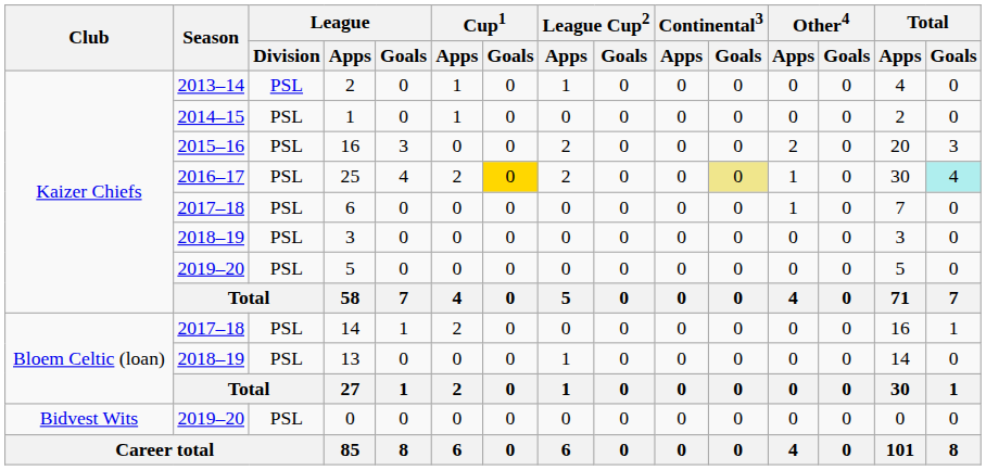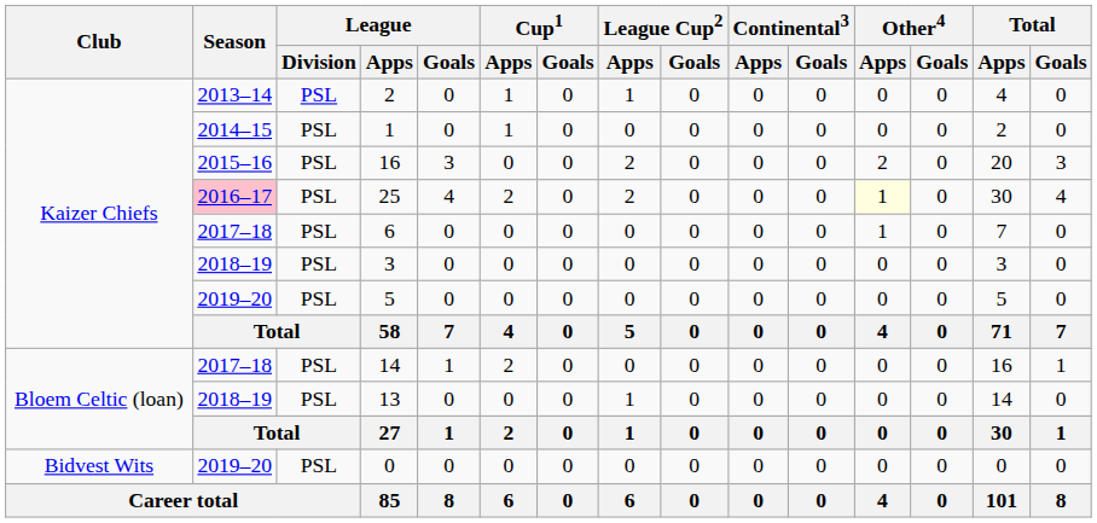 <table class="wikitable" style="text-align: center;">
 <tr>
 <th rowspan=2 style="width: 100pt;">Club</th>
 <th rowspan=2>Season</th>
 <th colspan=3>League</th>
 <th colspan="2">Cup<sup>1</sup></th>
 <th colspan="2">League Cup<sup>2</sup></th>
 <th colspan="2">Continental<sup>3</sup></th>
 <th colspan=2>Other<sup>4</sup></th>
 <th colspan=2>Total</th>
 </tr>
 <tr>
 <th>Division</th>
 <th>Apps</th>
 <th>Goals</th>
 <th>Apps</th>
 <th>Goals</th>
 <th>Apps</th>
 <th>Goals</th>
 <th>Apps</th>
 <th>Goals</th>
 <th>Apps</th>
 <th>Goals</th>
 <th>Apps</th>
 <th>Goals</th>
 </tr>
 <tr>
 <td rowspan="8"><a href='#'>Kaizer Chiefs</a></td>
 <td><a href='#'>2013–14</a></td>
 <td><a href='#'>PSL</a></td>
 <td>2</td>
 <td>0</td>
 <td>1</td>
 <td>0</td>
 <td>1</td>
 <td>0</td>
 <td>0</td>
 <td>0</td>
 <td>0</td>
 <td>0</td>
 <td>4</td>
 <td>0</td>
 </tr>
 <tr>
 <td><a href='#'>2014–15</a></td>
 <td>PSL</td>
 <td>1</td>
 <td>0</td>
 <td>1</td>
 <td>0</td>
 <td>0</td>
 <td>0</td>
 <td>0</td>
 <td>0</td>
 <td>0</td>
 <td>0</td>
 <td>2</td>
 <td>0</td>
 </tr>
 <tr>
 <td><a href='#'>2015–16</a></td>
 <td>PSL</td>
 <td>16</td>
 <td>3</td>
 <td>0</td>
 <td>0</td>
 <td>2</td>
 <td>0</td>
 <td>0</td>
 <td>0</td>
 <td>2</td>
 <td>0</td>
 <td>20</td>
 <td>3</td>
 </tr>
 <tr>
-<td><a href='#'>2016–17</a></td>
+<td style="background: pink;"><a href='#'>2016–17</a></td>
 <td>PSL</td>
 <td>25</td>
 <td>4</td>
 <td>2</td>
-<td style="background: gold;">0</td>
+<td>0</td>
 <td>2</td>
 <td>0</td>
 <td>0</td>
-<td style="background: khaki;">0</td>
-<td>1</td>
+<td>0</td>
+<td style="background: lightyellow;">1</td>
 <td>0</td>
 <td>30</td>
-<td style="background: paleturquoise;">4</td>
+<td>4</td>
 </tr>
 <tr>
 <td><a href='#'>2017–18</a></td>
 <td>PSL</td>
 <td>6</td>
 <td>0</td>
 <td>0</td>
 <td>0</td>
 <td>0</td>
 <td>0</td>
 <td>0</td>
 <td>0</td>
 <td>1</td>
 <td>0</td>
 <td>7</td>
 <td>0</td>
 </tr>
 <tr>
 <td><a href='#'>2018–19</a></td>
 <td>PSL</td>
 <td>3</td>
 <td>0</td>
 <td>0</td>
 <td>0</td>
 <td>0</td>
 <td>0</td>
 <td>0</td>
 <td>0</td>
 <td>0</td>
 <td>0</td>
 <td>3</td>
 <td>0</td>
 </tr>
 <tr>
 <td><a href='#'>2019–20</a></td>
 <td>PSL</td>
 <td>5</td>
 <td>0</td>
 <td>0</td>
 <td>0</td>
 <td>0</td>
 <td>0</td>
 <td>0</td>
 <td>0</td>
 <td>0</td>
 <td>0</td>
 <td>5</td>
 <td>0</td>
 </tr>
 <tr>
 <th rowspan="1" colspan=2>Total</th>
 <th>58</th>
 <th>7</th>
 <th>4</th>
 <th>0</th>
 <th>5</th>
 <th>0</th>
 <th>0</th>
 <th>0</th>
 <th>4</th>
 <th>0</th>
 <th>71</th>
 <th>7</th>
 </tr>
 <tr>
 <td rowspan="3"><a href='#'>Bloem Celtic</a> (loan)</td>
 <td><a href='#'>2017–18</a></td>
 <td>PSL</td>
 <td>14</td>
 <td>1</td>
 <td>2</td>
 <td>0</td>
 <td>0</td>
 <td>0</td>
 <td>0</td>
 <td>0</td>
 <td>0</td>
 <td>0</td>
 <td>16</td>
 <td>1</td>
 </tr>
 <tr>
 <td><a href='#'>2018–19</a></td>
 <td>PSL</td>
 <td>13</td>
 <td>0</td>
 <td>0</td>
 <td>0</td>
 <td>1</td>
 <td>0</td>
 <td>0</td>
 <td>0</td>
 <td>0</td>
 <td>0</td>
 <td>14</td>
 <td>0</td>
 </tr>
 <tr>
 <th rowspan="1" colspan=2>Total</th>
 <th>27</th>
 <th>1</th>
 <th>2</th>
 <th>0</th>
 <th>1</th>
 <th>0</th>
 <th>0</th>
 <th>0</th>
 <th>0</th>
 <th>0</th>
 <th>30</th>
 <th>1</th>
 </tr>
 <tr>
 <td rowspan="1"><a href='#'>Bidvest Wits</a></td>
 <td><a href='#'>2019–20</a></td>
 <td>PSL</td>
 <td>0</td>
 <td>0</td>
 <td>0</td>
 <td>0</td>
 <td>0</td>
 <td>0</td>
 <td>0</td>
 <td>0</td>
 <td>0</td>
 <td>0</td>
 <td>0</td>
 <td>0</td>
 </tr>
 <tr>
 <th colspan="3">Career total</th>
 <th>85</th>
 <th>8</th>
 <th>6</th>
 <th>0</th>
 <th>6</th>
 <th>0</th>
 <th>0</th>
 <th>0</th>
 <th>4</th>
 <th>0</th>
 <th>101</th>
 <th>8</th>
 </tr>
 </table>
